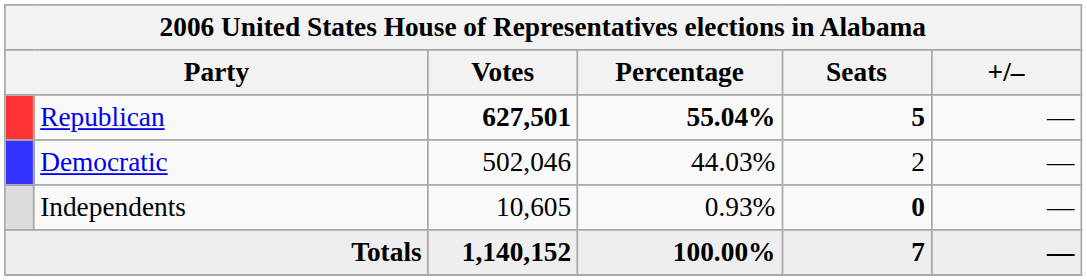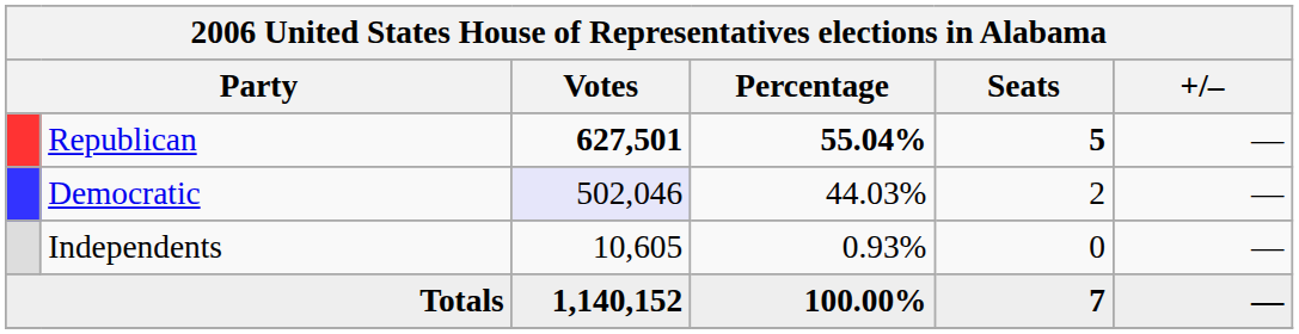 <table class="wikitable" style="font-size: 95%;">
 <tr>
 <th colspan="6">2006 United States House of Representatives elections in Alabama</th>
 </tr>
 <tr>
 <th colspan=2 style="width: 15em">Party</th>
 <th style="width: 5em">Votes</th>
 <th style="width: 7em">Percentage</th>
 <th style="width: 5em">Seats</th>
 <th style="width: 5em">+/–</th>
 </tr>
 <tr>
 <th style="background-color:#FF3333; width: 3px"></th>
 <td style="width: 130px"><a href='#'>Republican</a></td>
 <td align="right"><strong>627,501</strong></td>
 <td align="right"><strong>55.04%</strong></td>
 <td align="right"><strong>5</strong></td>
 <td align="right">—</td>
 </tr>
 <tr>
 <th style="background-color:#3333FF; width: 3px"></th>
 <td style="width: 130px"><a href='#'>Democratic</a></td>
-<td align="right">502,046</td>
+<td align="right" style="background: lavender;">502,046</td>
 <td align="right">44.03%</td>
 <td align="right">2</td>
 <td align="right">—</td>
 </tr>
 <tr>
 <th style="background-color:#DDDDDD; width: 3px"></th>
 <td style="width: 130px">Independents</td>
 <td align="right">10,605</td>
 <td align="right">0.93%</td>
-<td align="right"><strong>0</strong></td>
+<td align="right">0</td>
 <td align="right">—</td>
 </tr>
 <tr bgcolor="#EEEEEE">
 <td colspan="2" align="right"><strong>Totals</strong></td>
 <td align="right"><strong>1,140,152</strong></td>
 <td align="right"><strong>100.00%</strong></td>
 <td align="right"><strong>7</strong></td>
 <td align="right"><strong>—</strong></td>
 </tr>
 <tr bgcolor="#EEEEEE">
 </tr>
 </table>
